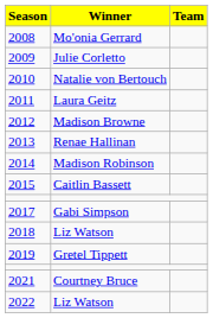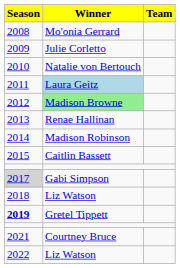 <table class="wikitable collapsible" border="1">
 <tr>
 <th style="background:yellow;"><span>Season</span></th>
 <th style="background:yellow;"><span>Winner</span></th>
 <th style="background:yellow;"><span>Team</span></th>
 </tr>
 <tr>
 <td><a href='#'>2008</a></td>
 <td><a href='#'>Mo'onia Gerrard</a></td>
 <td></td>
 </tr>
 <tr>
 <td><a href='#'>2009</a></td>
 <td><a href='#'>Julie Corletto</a></td>
 <td></td>
 </tr>
 <tr>
 <td><a href='#'>2010</a></td>
 <td><a href='#'>Natalie von Bertouch</a></td>
 <td></td>
 </tr>
 <tr>
 <td><a href='#'>2011</a></td>
-<td><a href='#'>Laura Geitz</a></td>
+<td style="background: lightblue;"><a href='#'>Laura Geitz</a></td>
 <td></td>
 </tr>
 <tr>
 <td><a href='#'>2012</a></td>
-<td><a href='#'>Madison Browne</a></td>
+<td style="background: lightgreen;"><a href='#'>Madison Browne</a></td>
 <td></td>
 </tr>
 <tr>
 <td><a href='#'>2013</a></td>
 <td><a href='#'>Renae Hallinan</a></td>
 <td></td>
 </tr>
 <tr>
 <td><a href='#'>2014</a></td>
 <td><a href='#'>Madison Robinson</a></td>
 <td></td>
 </tr>
 <tr>
 <td><a href='#'>2015</a></td>
 <td><a href='#'>Caitlin Bassett</a></td>
 <td></td>
 </tr>
 <tr>
 <td></td>
 </tr>
 <tr>
-<td><a href='#'>2017</a></td>
+<td style="background: lightgrey;"><a href='#'>2017</a></td>
 <td><a href='#'>Gabi Simpson</a></td>
 <td></td>
 </tr>
 <tr>
 <td><a href='#'>2018</a></td>
 <td><a href='#'>Liz Watson</a></td>
 <td></td>
 </tr>
 <tr>
-<td><a href='#'>2019</a></td>
+<td><strong><a href='#'>2019</a></strong></td>
 <td><a href='#'>Gretel Tippett</a></td>
 <td></td>
 </tr>
 <tr>
 <td></td>
 </tr>
 <tr>
 <td><a href='#'>2021</a></td>
 <td><a href='#'>Courtney Bruce</a></td>
 <td></td>
 </tr>
 <tr>
 <td><a href='#'>2022</a></td>
 <td><a href='#'>Liz Watson</a></td>
 <td></td>
 </tr>
 </table>
